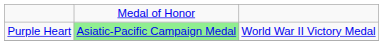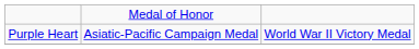 <table class="wikitable" style="margin:1em auto; text-align:center;">
 <tr>
 <td></td>
 <td><a href='#'>Medal of Honor</a></td>
 <td></td>
 </tr>
 <tr>
 <td><a href='#'>Purple Heart</a></td>
-<td style="background: lightgreen;"><a href='#'>Asiatic-Pacific Campaign Medal</a></td>
+<td><a href='#'>Asiatic-Pacific Campaign Medal</a></td>
 <td><a href='#'>World War II Victory Medal</a></td>
 </tr>
 <tr>
 </tr>
 </table>
